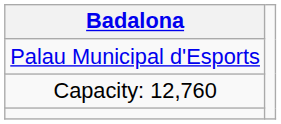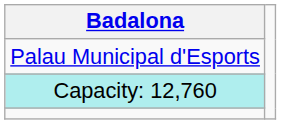 <table class="wikitable" style="margin:1em auto; text-align:center">
 <tr>
 <th><a href='#'>Badalona</a></th>
 <td rowspan="4"></td>
 </tr>
 <tr>
 <td><a href='#'>Palau Municipal d'Esports</a></td>
 </tr>
 <tr>
-<td>Capacity: 12,760</td>
+<td style="background: paleturquoise;">Capacity: 12,760</td>
 </tr>
 <tr>
 <td></td>
 </tr>
 </table>
